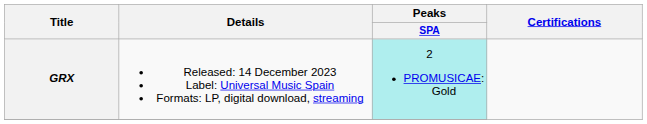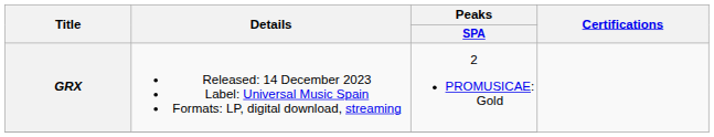 <table class="wikitable plainrowheaders" style="text-align:center;">
 <tr>
 <th scope="col" rowspan="2" style="width:9.5em;">Title</th>
 <th scope="col" rowspan="2" style="width:21.5em;">Details</th>
 <th scope="col" colspan="1">Peaks</th>
 <th scope="col" rowspan="2" style="width:13em;"><a href='#'>Certifications</a></th>
 </tr>
 <tr>
 <th scope="col" style="width:2.5em;font-size:90%;"><a href='#'>SPA</a><br></th>
 </tr>
 <tr>
 <th scope="row"><em>GRX</em></th>
 <td><br><ul><li>Released: 14 December 2023</li><li>Label: <a href='#'>Universal Music Spain</a></li><li>Formats: LP, digital download, <a href='#'>streaming</a></li></ul></td>
-<td style="background: paleturquoise;">2<br><ul><li><a href='#'>PROMUSICAE</a>: Gold</li></ul></td>
+<td>2<br><ul><li><a href='#'>PROMUSICAE</a>: Gold</li></ul></td>
 </tr>
 <tr>
 </tr>
 </table>
